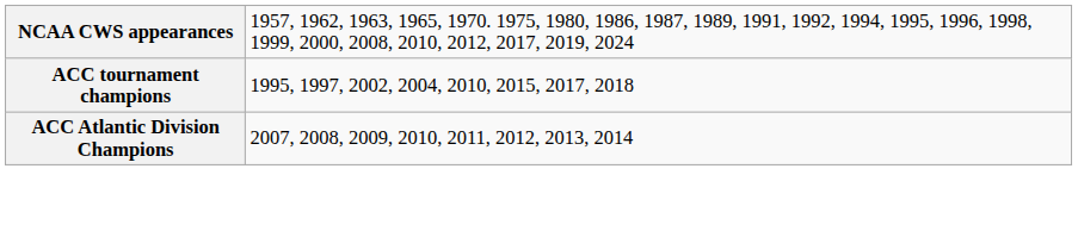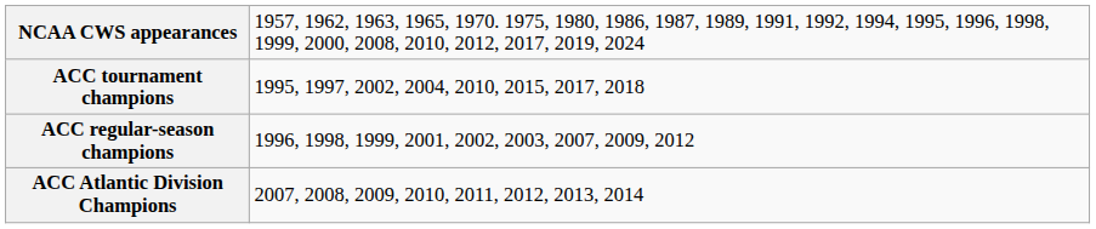 <table class="wikitable">
 <tr>
 <th>NCAA CWS appearances</th>
 <td>1957, 1962, 1963, 1965, 1970. 1975, 1980, 1986, 1987, 1989, 1991, 1992, 1994, 1995, 1996, 1998, 1999, 2000, 2008, 2010, 2012, 2017, 2019, 2024</td>
 </tr>
 <tr>
 <th>ACC tournament champions</th>
 <td>1995, 1997, 2002, 2004, 2010, 2015, 2017, 2018</td>
 </tr>
 <tr>
+<th>ACC regular-season champions</th>
+<td>1996, 1998, 1999, 2001, 2002, 2003, 2007, 2009, 2012</td>
+</tr>
+<tr>
 <th>ACC Atlantic Division Champions</th>
 <td>2007, 2008, 2009, 2010, 2011, 2012, 2013, 2014</td>
 </tr>
 </table>
